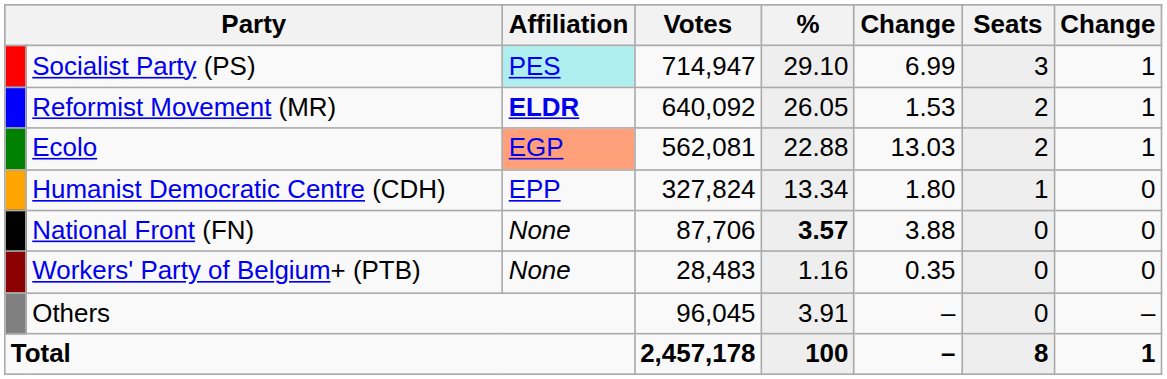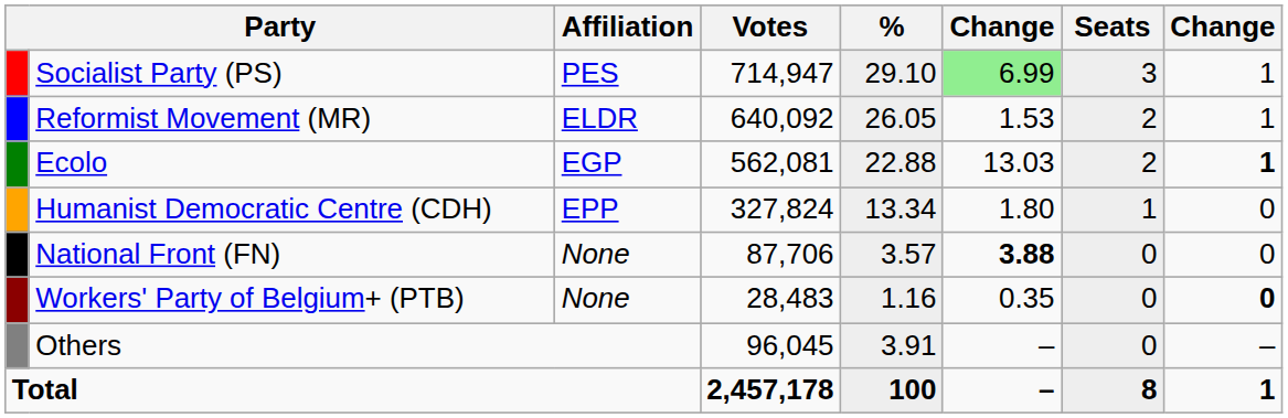 <table class="wikitable" border="1">
 <tr style="background-color:#C9C9C9">
 <th align=left colspan=2 valign=top width=300>Party</th>
 <th align=left width=50>Affiliation</th>
 <th align=right width=50>Votes</th>
 <th align=right width=50>%</th>
 <th align=right width=50>Change</th>
 <th align=right width=50>Seats</th>
 <th align=right width=50>Change</th>
 </tr>
 <tr>
 <td bgcolor="red"> </td>
 <td align=left><a href='#'>Socialist Party</a> (PS)</td>
-<td align=left style="background: paleturquoise;"><a href='#'>PES</a></td>
+<td align=left><a href='#'>PES</a></td>
 <td align=right>714,947</td>
 <td align=right style="background-color:#EEEEEE">29.10</td>
-<td align=right> 6.99</td>
+<td align=right style="background: lightgreen;"> 6.99</td>
 <td align=right style="background-color:#EEEEEE">3</td>
 <td align=right> 1</td>
 </tr>
 <tr>
 <td bgcolor="blue"> </td>
 <td align=left><a href='#'>Reformist Movement</a> (MR)</td>
-<td align=left><strong><a href='#'>ELDR</a></strong></td>
+<td align=left><a href='#'>ELDR</a></td>
 <td align=right>640,092</td>
 <td align=right style="background-color:#EEEEEE">26.05</td>
 <td align=right> 1.53</td>
 <td align=right style="background-color:#EEEEEE">2</td>
 <td align=right> 1</td>
 </tr>
 <tr>
 <td bgcolor="green"> </td>
 <td align=left><a href='#'>Ecolo</a></td>
-<td align=left style="background: lightsalmon;"><a href='#'>EGP</a></td>
+<td align=left><a href='#'>EGP</a></td>
 <td align=right>562,081</td>
 <td align=right style="background-color:#EEEEEE">22.88</td>
 <td align=right> 13.03</td>
 <td align=right style="background-color:#EEEEEE">2</td>
-<td align=right> 1</td>
+<td align=right><strong> 1</strong></td>
 </tr>
 <tr>
 <td bgcolor="orange"> </td>
 <td align=left><a href='#'>Humanist Democratic Centre</a> (CDH)</td>
 <td align=left><a href='#'>EPP</a></td>
 <td align=right>327,824</td>
 <td align=right style="background-color:#EEEEEE">13.34</td>
 <td align=right> 1.80</td>
 <td align=right style="background-color:#EEEEEE">1</td>
 <td align=right>0</td>
 </tr>
 <tr>
 <td bgcolor="black"> </td>
 <td align=left><a href='#'>National Front</a> (FN)</td>
 <td align=left><em>None</em></td>
 <td align=right>87,706</td>
-<td align=right style="background-color:#EEEEEE"><strong>3.57</strong></td>
-<td align=right> 3.88</td>
+<td align=right style="background-color:#EEEEEE">3.57</td>
+<td align=right><strong> 3.88</strong></td>
 <td align=right style="background-color:#EEEEEE">0</td>
 <td align=right>0</td>
 </tr>
 <tr>
 <td bgcolor="darkred"> </td>
 <td align=left><a href='#'>Workers' Party of Belgium</a>+ (PTB)</td>
 <td align=left><em>None</em></td>
 <td align=right>28,483</td>
 <td align=right style="background-color:#EEEEEE">1.16</td>
 <td align=right> 0.35</td>
 <td align=right style="background-color:#EEEEEE">0</td>
-<td align=right>0</td>
+<td align=right><strong>0</strong></td>
 </tr>
 <tr>
 <td bgcolor="grey"> </td>
 <td align=left colspan=2>Others</td>
 <td align=right>96,045</td>
 <td align=right style="background-color:#EEEEEE">3.91</td>
 <td align=right>–</td>
 <td align=right style="background-color:#EEEEEE">0</td>
 <td align=right>–</td>
 </tr>
 <tr>
 <td align=left colspan=3><strong>Total</strong></td>
 <td align=right><strong>2,457,178</strong></td>
 <td align=right style="background-color:#EEEEEE"><strong>100</strong></td>
 <td align=right><strong>–</strong></td>
 <td align=right style="background-color:#EEEEEE"><strong>8</strong></td>
 <td align=right><strong> 1</strong></td>
 </tr>
 </table>
